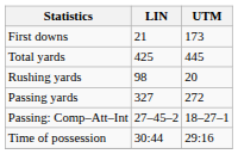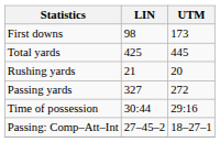 <table class="wikitable" style="float: left;">
 <tr>
 <th>Statistics</th>
 <th>LIN</th>
 <th>UTM</th>
 </tr>
 <tr>
 <td>First downs</td>
-<td>21</td>
+<td>98</td>
 <td>173</td>
 </tr>
 <tr>
 <td>Total yards</td>
 <td>425</td>
 <td>445</td>
 </tr>
 <tr>
 <td>Rushing yards</td>
-<td>98</td>
+<td>21</td>
 <td>20</td>
 </tr>
 <tr>
 <td>Passing yards</td>
 <td>327</td>
 <td>272</td>
 </tr>
 <tr>
+<td>Time of possession</td>
+<td>30:44</td>
+<td>29:16</td>
+</tr>
+<tr>
 <td>Passing: Comp–Att–Int</td>
 <td>27–45–2</td>
 <td>18–27–1</td>
 </tr>
 <tr>
-<td>Time of possession</td>
-<td>30:44</td>
-<td>29:16</td>
-</tr>
-<tr>
 </tr>
 </table>
